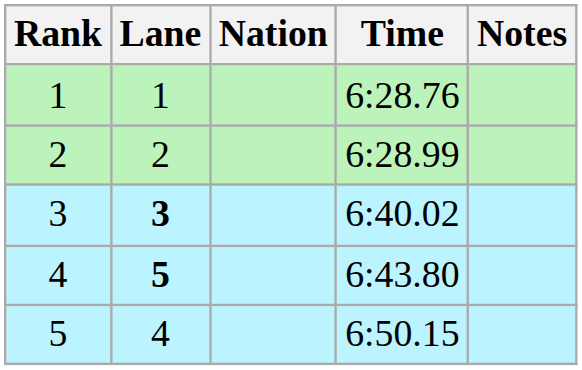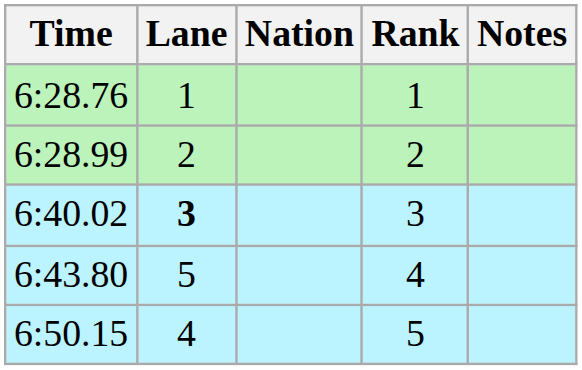 <table class="wikitable sortable" style="text-align:center">
 <tr>
-<th>Rank</th>
+<th>Time</th>
 <th>Lane</th>
 <th>Nation</th>
-<th>Time</th>
+<th>Rank</th>
 <th>Notes</th>
 </tr>
 <tr bgcolor=bbf3bb>
-<td>1</td>
+<td>6:28.76</td>
 <td>1</td>
 <td align="left"></td>
-<td>6:28.76</td>
+<td>1</td>
 <td></td>
 </tr>
 <tr bgcolor=bbf3bb>
-<td>2</td>
+<td>6:28.99</td>
 <td>2</td>
 <td align="left"></td>
-<td>6:28.99</td>
+<td>2</td>
 <td></td>
 </tr>
 <tr bgcolor=bbf3ff>
-<td>3</td>
+<td>6:40.02</td>
 <td><strong>3</strong></td>
 <td align="left"></td>
-<td>6:40.02</td>
+<td>3</td>
 <td></td>
 </tr>
 <tr bgcolor=bbf3ff>
+<td>6:43.80</td>
+<td>5</td>
+<td align="left"></td>
 <td>4</td>
-<td><strong>5</strong></td>
-<td align="left"></td>
-<td>6:43.80</td>
 <td></td>
 </tr>
 <tr bgcolor=bbf3ff>
-<td>5</td>
+<td>6:50.15</td>
 <td>4</td>
 <td align="left"></td>
-<td>6:50.15</td>
+<td>5</td>
 <td></td>
 </tr>
 </table>
